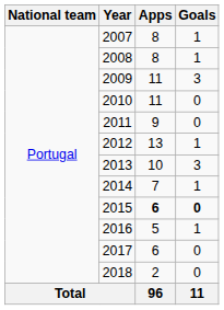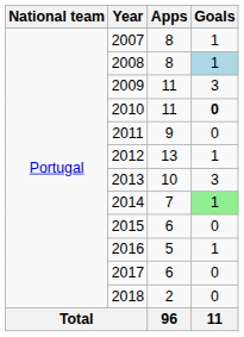 <table class=wikitable style="text-align: center">
 <tr>
 <th>National team</th>
 <th>Year</th>
 <th>Apps</th>
 <th>Goals</th>
 </tr>
 <tr>
 <td rowspan="12"><a href='#'>Portugal</a></td>
 <td>2007</td>
 <td>8</td>
 <td>1</td>
 </tr>
 <tr>
 <td>2008</td>
 <td>8</td>
-<td>1</td>
+<td style="background: lightblue;">1</td>
 </tr>
 <tr>
 <td>2009</td>
 <td>11</td>
 <td>3</td>
 </tr>
 <tr>
 <td>2010</td>
 <td>11</td>
-<td>0</td>
+<td><strong>0</strong></td>
 </tr>
 <tr>
 <td>2011</td>
 <td>9</td>
 <td>0</td>
 </tr>
 <tr>
 <td>2012</td>
 <td>13</td>
 <td>1</td>
 </tr>
 <tr>
 <td>2013</td>
 <td>10</td>
 <td>3</td>
 </tr>
 <tr>
 <td>2014</td>
 <td>7</td>
-<td>1</td>
+<td style="background: lightgreen;">1</td>
 </tr>
 <tr>
 <td>2015</td>
-<td><strong>6</strong></td>
-<td><strong>0</strong></td>
+<td>6</td>
+<td>0</td>
 </tr>
 <tr>
 <td>2016</td>
 <td>5</td>
 <td>1</td>
 </tr>
 <tr>
 <td>2017</td>
 <td>6</td>
 <td>0</td>
 </tr>
 <tr>
 <td>2018</td>
 <td>2</td>
 <td>0</td>
 </tr>
 <tr>
 <th colspan="2">Total</th>
 <th>96</th>
 <th>11</th>
 </tr>
 </table>
